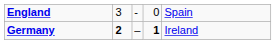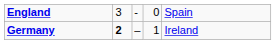 <table class="wikitable">
 <tr>
 <td width=150> <strong><a href='#'>England</a></strong></td>
 <td style="width:20px; text-align:left;">3</td>
 <td>-</td>
 <td style="width:20px; text-align:right;">0</td>
 <td width=150> <a href='#'>Spain</a></td>
 </tr>
 <tr>
 <td> <strong><a href='#'>Germany</a></strong></td>
 <td style="text-align:left;"><strong>2</strong></td>
 <td>–</td>
-<td style="text-align:right;"><strong>1</strong></td>
+<td style="text-align:right;">1</td>
 <td> <a href='#'>Ireland</a></td>
 </tr>
 </table>
